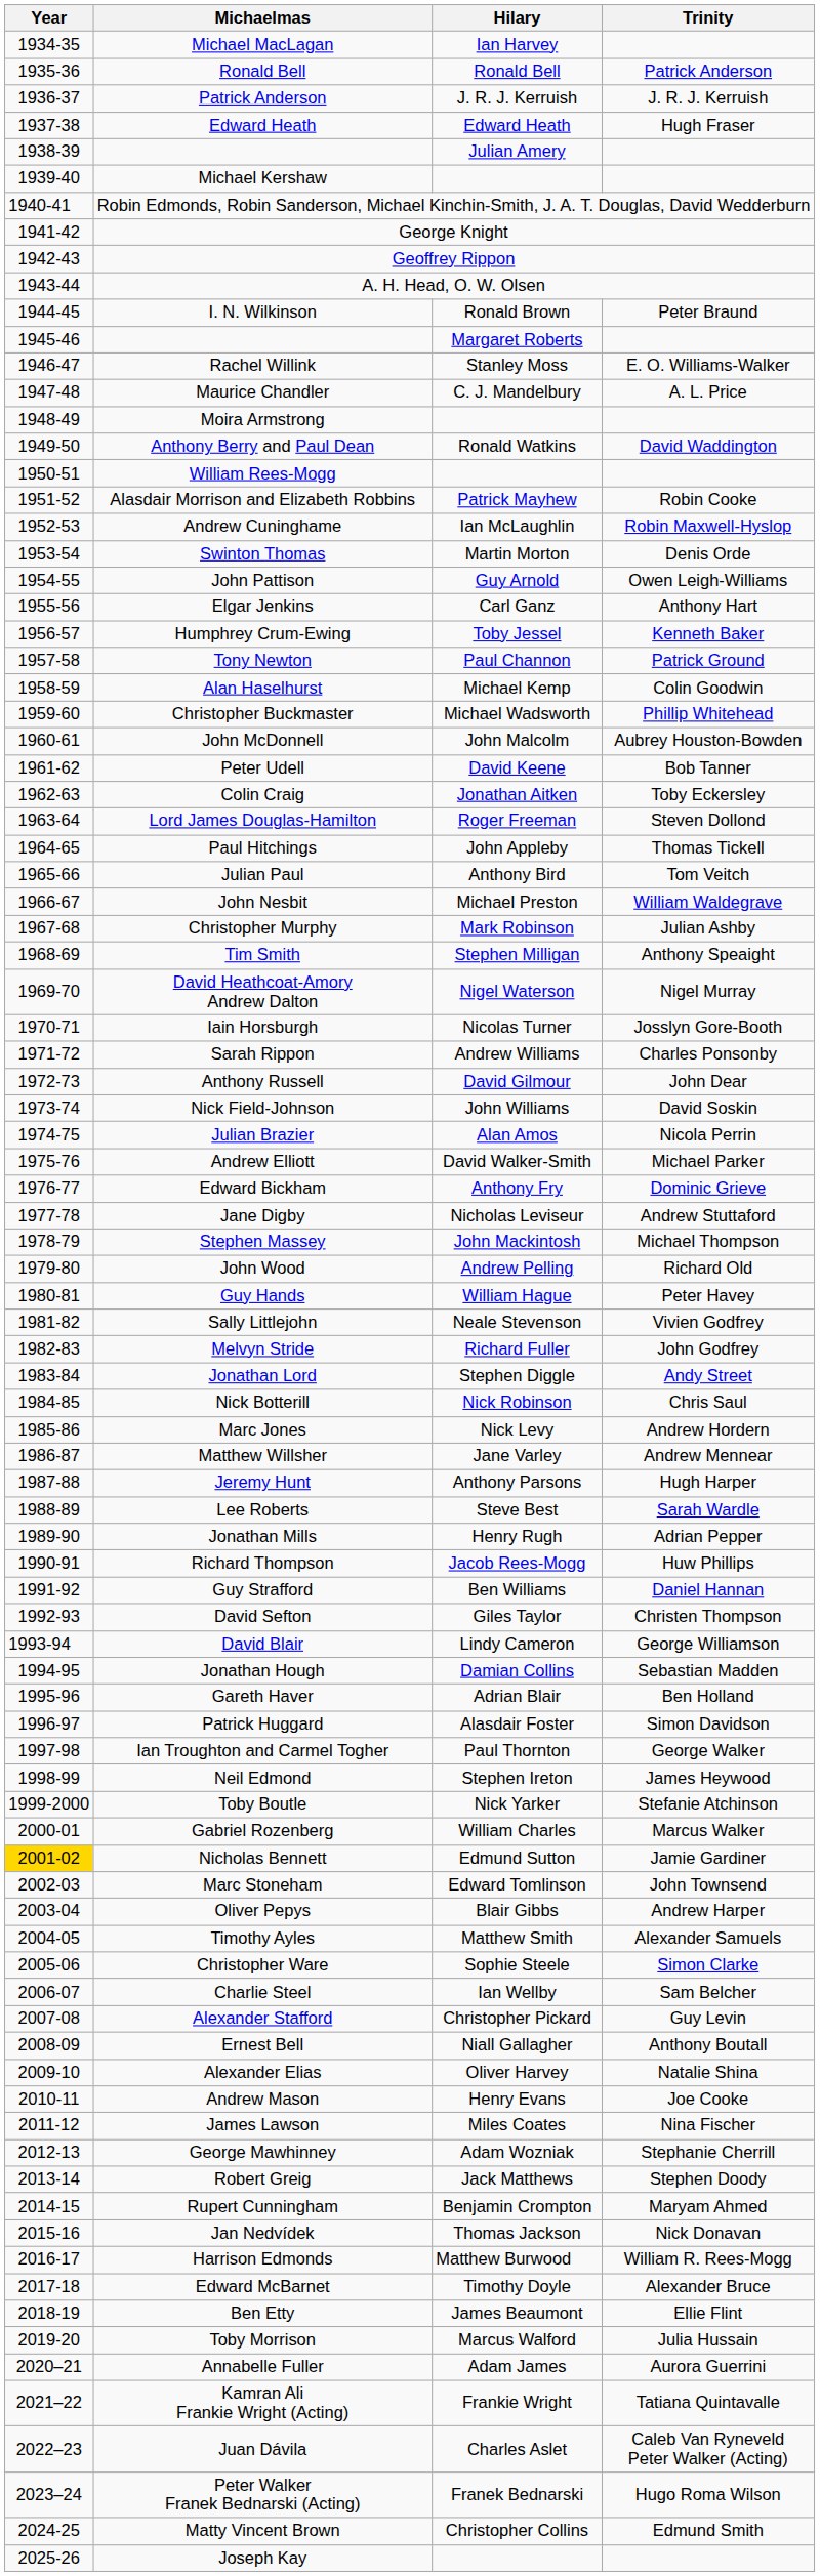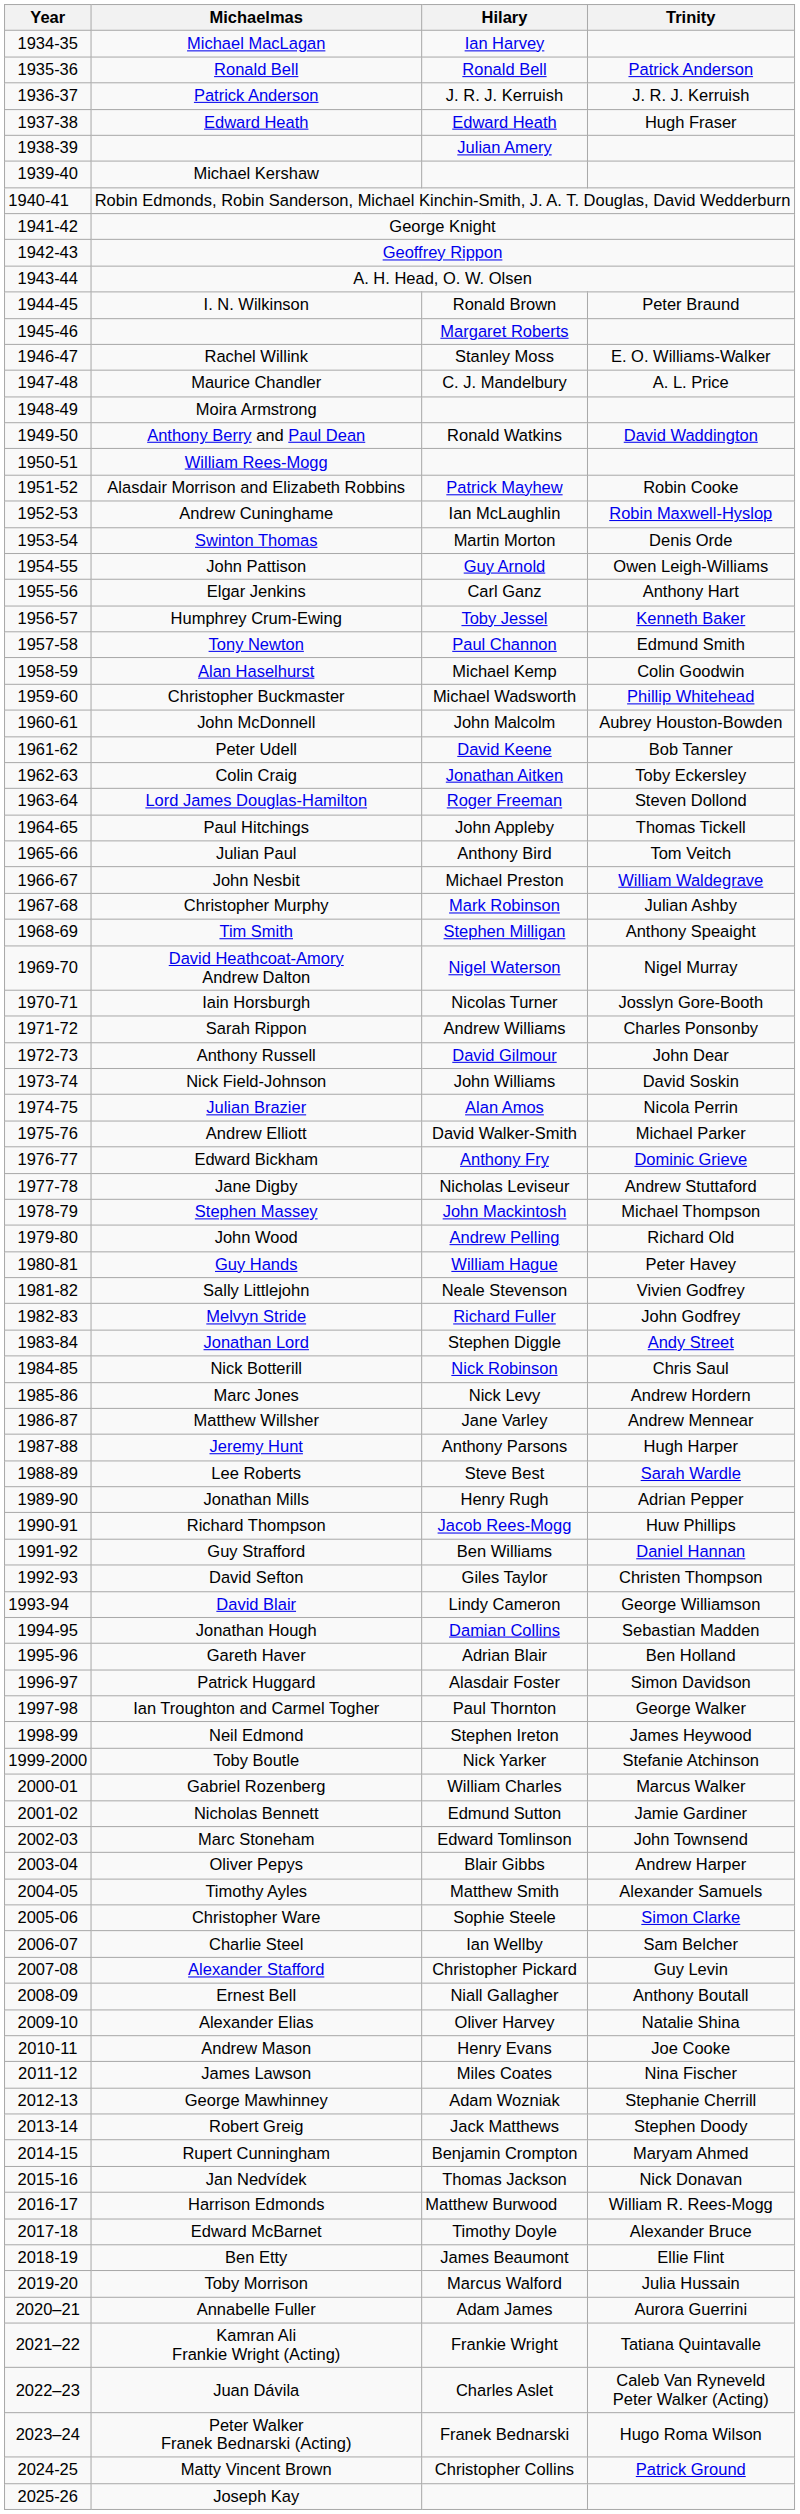 <table class="wikitable sortable">
 <tr>
 <th>Year</th>
 <th>Michaelmas</th>
 <th>Hilary</th>
 <th>Trinity</th>
 </tr>
 <tr>
 <td align="center">1934-35</td>
 <td align="center"> <a href='#'>Michael MacLagan</a></td>
 <td align="center"> <a href='#'>Ian Harvey</a></td>
 <td align="center"></td>
 </tr>
 <tr>
 <td align="center">1935-36</td>
 <td align="center"><a href='#'>Ronald Bell</a></td>
 <td align="center"><a href='#'>Ronald Bell</a></td>
 <td align="center"><a href='#'>Patrick Anderson</a></td>
 </tr>
 <tr>
 <td align="center">1936-37</td>
 <td align="center"><a href='#'>Patrick Anderson</a></td>
 <td align="center">J. R. J. Kerruish</td>
 <td align="center">J. R. J. Kerruish</td>
 </tr>
 <tr>
 <td align="center">1937-38</td>
 <td align="center"><a href='#'>Edward Heath</a></td>
 <td align="center"><a href='#'>Edward Heath</a></td>
 <td align="center">Hugh Fraser</td>
 </tr>
 <tr>
 <td align="center">1938-39</td>
 <td align="center"></td>
 <td align="center"><a href='#'>Julian Amery</a></td>
 <td align="center"></td>
 </tr>
 <tr>
 <td align="center">1939-40</td>
 <td align="center">Michael Kershaw</td>
 <td align="center"></td>
 <td align="center"></td>
 </tr>
 <tr>
 <td align="center:">1940-41</td>
 <td colspan="3" align="center">Robin Edmonds, Robin Sanderson, Michael Kinchin-Smith, J. A. T. Douglas, David Wedderburn</td>
 </tr>
 <tr>
 <td align="center">1941-42</td>
 <td colspan="3" align="center">George Knight</td>
 </tr>
 <tr>
 <td align="center">1942-43</td>
 <td colspan="3" align="center"><a href='#'>Geoffrey Rippon</a></td>
 </tr>
 <tr>
 <td align="center">1943-44</td>
 <td colspan="3" align="center">A. H. Head, O. W. Olsen</td>
 </tr>
 <tr>
 <td align="center">1944-45</td>
 <td align="center">I. N. Wilkinson</td>
 <td align="center">Ronald Brown</td>
 <td align="center">Peter Braund</td>
 </tr>
 <tr>
 <td align="center">1945-46</td>
 <td align="center"></td>
 <td align="center"> <a href='#'>Margaret Roberts</a></td>
 <td align="center"></td>
 </tr>
 <tr>
 <td align="center">1946-47</td>
 <td align="center">Rachel Willink</td>
 <td align="center">Stanley Moss</td>
 <td align="center">E. O. Williams-Walker</td>
 </tr>
 <tr>
 <td align="center">1947-48</td>
 <td align="center">Maurice Chandler</td>
 <td align="center">C. J. Mandelbury</td>
 <td align="center">A. L. Price</td>
 </tr>
 <tr>
 <td align="center">1948-49</td>
 <td align="center">Moira Armstrong</td>
 <td align="center"></td>
 <td align="center"></td>
 </tr>
 <tr>
 <td align="center">1949-50</td>
 <td align="center"><a href='#'>Anthony Berry</a> and <a href='#'>Paul Dean</a></td>
 <td align="center">Ronald Watkins</td>
 <td align="center"> <a href='#'>David Waddington</a></td>
 </tr>
 <tr>
 <td align="center">1950-51</td>
 <td align="center"> <a href='#'>William Rees-Mogg</a></td>
 <td align="center"></td>
 <td align="center"></td>
 </tr>
 <tr>
 <td align="center">1951-52</td>
 <td align="center">Alasdair Morrison and Elizabeth Robbins</td>
 <td align="center"><a href='#'>Patrick Mayhew</a></td>
 <td align="center">Robin Cooke</td>
 </tr>
 <tr>
 <td align="center">1952-53</td>
 <td align="center">Andrew Cuninghame</td>
 <td align="center">Ian McLaughlin</td>
 <td align="center"><a href='#'>Robin Maxwell-Hyslop</a></td>
 </tr>
 <tr>
 <td align="center">1953-54</td>
 <td align="center"><a href='#'>Swinton Thomas</a></td>
 <td align="center">Martin Morton</td>
 <td align="center">Denis Orde</td>
 </tr>
 <tr>
 <td align="center">1954-55</td>
 <td align="center">John Pattison</td>
 <td align="center"><a href='#'>Guy Arnold</a></td>
 <td align="center">Owen Leigh-Williams</td>
 </tr>
 <tr>
 <td align="center">1955-56</td>
 <td align="center">Elgar Jenkins</td>
 <td align="center">Carl Ganz</td>
 <td align="center">Anthony Hart</td>
 </tr>
 <tr>
 <td align="center">1956-57</td>
 <td align="center">Humphrey Crum-Ewing</td>
 <td align="center"><a href='#'>Toby Jessel</a></td>
 <td align="center"><a href='#'>Kenneth Baker</a></td>
 </tr>
 <tr>
 <td align="center">1957-58</td>
 <td align="center"><a href='#'>Tony Newton</a></td>
 <td align="center"><a href='#'>Paul Channon</a></td>
-<td align="center"><a href='#'>Patrick Ground</a></td>
+<td align="center"> Edmund Smith</td>
 </tr>
 <tr>
 <td align="center">1958-59</td>
 <td align="center"><a href='#'>Alan Haselhurst</a></td>
 <td align="center">Michael Kemp</td>
 <td align="center">Colin Goodwin</td>
 </tr>
 <tr>
 <td align="center">1959-60</td>
 <td align="center">Christopher Buckmaster</td>
 <td align="center">Michael Wadsworth</td>
 <td align="center"><a href='#'>Phillip Whitehead</a></td>
 </tr>
 <tr>
 <td align="center">1960-61</td>
 <td align="center">John McDonnell</td>
 <td align="center">John Malcolm</td>
 <td align="center">Aubrey Houston-Bowden</td>
 </tr>
 <tr>
 <td align="center">1961-62</td>
 <td align="center">Peter Udell</td>
 <td align="center"><a href='#'>David Keene</a></td>
 <td align="center">Bob Tanner</td>
 </tr>
 <tr>
 <td align="center">1962-63</td>
 <td align="center">Colin Craig</td>
 <td align="center"><a href='#'>Jonathan Aitken</a></td>
 <td align="center">Toby Eckersley</td>
 </tr>
 <tr>
 <td align="center">1963-64</td>
 <td align="center"><a href='#'>Lord James Douglas-Hamilton</a></td>
 <td align="center"><a href='#'>Roger Freeman</a></td>
 <td align="center">Steven Dollond</td>
 </tr>
 <tr>
 <td align="center">1964-65</td>
 <td align="center">Paul Hitchings</td>
 <td align="center">John Appleby</td>
 <td align="center">Thomas Tickell</td>
 </tr>
 <tr>
 <td align="center">1965-66</td>
 <td align="center">Julian Paul</td>
 <td align="center">Anthony Bird</td>
 <td align="center">Tom Veitch</td>
 </tr>
 <tr>
 <td align="center">1966-67</td>
 <td align="center">John Nesbit</td>
 <td align="center">Michael Preston</td>
 <td align="center"> <a href='#'>William Waldegrave</a></td>
 </tr>
 <tr>
 <td align="center">1967-68</td>
 <td align="center">Christopher Murphy</td>
 <td align="center"> <a href='#'>Mark Robinson</a></td>
 <td align="center">Julian Ashby</td>
 </tr>
 <tr>
 <td align="center">1968-69</td>
 <td align="center"><a href='#'>Tim Smith</a></td>
 <td align="center"> <a href='#'>Stephen Milligan</a></td>
 <td align="center">Anthony Speaight</td>
 </tr>
 <tr>
 <td align="center">1969-70</td>
 <td align="center"> <a href='#'>David Heathcoat-Amory</a> <br> Andrew Dalton</td>
 <td align="center"> <a href='#'>Nigel Waterson</a></td>
 <td align="center">Nigel Murray</td>
 </tr>
 <tr>
 <td align="center">1970-71</td>
 <td align="center">Iain Horsburgh</td>
 <td align="center">Nicolas Turner</td>
 <td align="center">Josslyn Gore-Booth</td>
 </tr>
 <tr>
 <td align="center">1971-72</td>
 <td align="center">Sarah Rippon</td>
 <td align="center">Andrew Williams</td>
 <td align="center">Charles Ponsonby</td>
 </tr>
 <tr>
 <td align="center">1972-73</td>
 <td align="center">Anthony Russell</td>
 <td align="center"> <a href='#'>David Gilmour</a></td>
 <td align="center">John Dear</td>
 </tr>
 <tr>
 <td align="center">1973-74</td>
 <td align="center">Nick Field-Johnson</td>
 <td align="center">John Williams</td>
 <td align="center">David Soskin</td>
 </tr>
 <tr>
 <td align="center">1974-75</td>
 <td align="center"> <a href='#'>Julian Brazier</a></td>
 <td align="center"> <a href='#'>Alan Amos</a></td>
 <td align="center">Nicola Perrin</td>
 </tr>
 <tr>
 <td align="center">1975-76</td>
 <td align="center">Andrew Elliott</td>
 <td align="center">David Walker-Smith</td>
 <td align="center">Michael Parker</td>
 </tr>
 <tr>
 <td align="center">1976-77</td>
 <td align="center">Edward Bickham</td>
 <td align="center"><a href='#'>Anthony Fry</a></td>
 <td align="center"> <a href='#'>Dominic Grieve</a></td>
 </tr>
 <tr>
 <td align="center">1977-78</td>
 <td align="center">Jane Digby</td>
 <td align="center">Nicholas Leviseur</td>
 <td align="center">Andrew Stuttaford</td>
 </tr>
 <tr>
 <td align="center">1978-79</td>
 <td align="center"><a href='#'>Stephen Massey</a></td>
 <td align="center"> <a href='#'>John Mackintosh</a></td>
 <td align="center">Michael Thompson</td>
 </tr>
 <tr>
 <td align="center">1979-80</td>
 <td align="center">John Wood</td>
 <td align="center"> <a href='#'>Andrew Pelling</a></td>
 <td align="center">Richard Old</td>
 </tr>
 <tr>
 <td align="center">1980-81</td>
 <td align="center"> <a href='#'>Guy Hands</a></td>
 <td align="center"> <a href='#'>William Hague</a></td>
 <td align="center">Peter Havey</td>
 </tr>
 <tr>
 <td align="center">1981-82</td>
 <td align="center">Sally Littlejohn</td>
 <td align="center">Neale Stevenson</td>
 <td align="center">Vivien Godfrey</td>
 </tr>
 <tr>
 <td align="center">1982-83</td>
 <td align="center"> <a href='#'>Melvyn Stride</a></td>
 <td align="center"> <a href='#'>Richard Fuller</a></td>
 <td align="center">John Godfrey</td>
 </tr>
 <tr>
 <td align="center">1983-84</td>
 <td align="center"> <a href='#'>Jonathan Lord</a></td>
 <td align="center">Stephen Diggle</td>
 <td align="center"> <a href='#'>Andy Street</a></td>
 </tr>
 <tr>
 <td align="center">1984-85</td>
 <td align="center">Nick Botterill</td>
 <td align="center"> <a href='#'>Nick Robinson</a></td>
 <td align="center">Chris Saul</td>
 </tr>
 <tr>
 <td align="center">1985-86</td>
 <td align="center">Marc Jones</td>
 <td align="center">Nick Levy</td>
 <td align="center">Andrew Hordern</td>
 </tr>
 <tr>
 <td align="center">1986-87</td>
 <td align="center">Matthew Willsher</td>
 <td align="center">Jane Varley</td>
 <td align="center">Andrew Mennear</td>
 </tr>
 <tr>
 <td align="center">1987-88</td>
 <td align="center"> <a href='#'>Jeremy Hunt</a></td>
 <td align="center">Anthony Parsons</td>
 <td align="center">Hugh Harper</td>
 </tr>
 <tr>
 <td align="center">1988-89</td>
 <td align="center">Lee Roberts</td>
 <td align="center">Steve Best</td>
 <td align="center"> <a href='#'>Sarah Wardle</a></td>
 </tr>
 <tr>
 <td align="center">1989-90</td>
 <td align="center">Jonathan Mills</td>
 <td align="center">Henry Rugh</td>
 <td align="center">Adrian Pepper</td>
 </tr>
 <tr>
 <td align="center">1990-91</td>
 <td align="center">Richard Thompson</td>
 <td align="center"> <a href='#'>Jacob Rees-Mogg</a></td>
 <td align="center">Huw Phillips</td>
 </tr>
 <tr>
 <td align="center">1991-92</td>
 <td align="center">Guy Strafford</td>
 <td align="center">Ben Williams</td>
 <td align="center"> <a href='#'>Daniel Hannan</a></td>
 </tr>
 <tr>
 <td align="center">1992-93</td>
 <td align="center">David Sefton</td>
 <td align="center">Giles Taylor</td>
 <td align="center">Christen Thompson</td>
 </tr>
 <tr>
 <td align="center”">1993-94</td>
 <td align="center"> <a href='#'>David Blair</a></td>
 <td align="center">Lindy Cameron</td>
 <td align="center">George Williamson</td>
 </tr>
 <tr>
 <td align="center">1994-95</td>
 <td align="center">Jonathan Hough</td>
 <td align="center"> <a href='#'>Damian Collins</a></td>
 <td align="center">Sebastian Madden</td>
 </tr>
 <tr>
 <td align="center">1995-96</td>
 <td align="center">Gareth Haver</td>
 <td align="center">Adrian Blair</td>
 <td align="center">Ben Holland</td>
 </tr>
 <tr>
 <td align="center">1996-97</td>
 <td align="center">Patrick Huggard</td>
 <td align="center">Alasdair Foster</td>
 <td align="center">Simon Davidson</td>
 </tr>
 <tr>
 <td align="center">1997-98</td>
 <td align="center">Ian Troughton and Carmel Togher</td>
 <td align="center">Paul Thornton</td>
 <td align="center">George Walker</td>
 </tr>
 <tr>
 <td align="center">1998-99</td>
 <td align="center">Neil Edmond</td>
 <td align="center">Stephen Ireton</td>
 <td align="center"> James Heywood</td>
 </tr>
 <tr>
 <td align="center">1999-2000</td>
 <td align="center">Toby Boutle</td>
 <td align="center">Nick Yarker</td>
 <td align="center">Stefanie Atchinson</td>
 </tr>
 <tr>
 <td align="center">2000-01</td>
 <td align="center">Gabriel Rozenberg</td>
 <td align="center">William Charles</td>
 <td align="center">Marcus Walker</td>
 </tr>
 <tr>
-<td align="center" style="background: gold;">2001-02</td>
+<td align="center">2001-02</td>
 <td align="center">Nicholas Bennett</td>
 <td align="center">Edmund Sutton</td>
 <td align="center">Jamie Gardiner</td>
 </tr>
 <tr>
 <td align="center">2002-03</td>
 <td align="center">Marc Stoneham</td>
 <td align="center">Edward Tomlinson</td>
 <td align="center">John Townsend</td>
 </tr>
 <tr>
 <td align="center">2003-04</td>
 <td align="center">Oliver Pepys</td>
 <td align="center">Blair Gibbs</td>
 <td align="center">Andrew Harper</td>
 </tr>
 <tr>
 <td align="center">2004-05</td>
 <td align="center">Timothy Ayles</td>
 <td align="center">Matthew Smith</td>
 <td align="center">Alexander Samuels</td>
 </tr>
 <tr>
 <td align="center">2005-06</td>
 <td align="center">Christopher Ware</td>
 <td align="center">Sophie Steele</td>
 <td align="center"> <a href='#'>Simon Clarke</a></td>
 </tr>
 <tr>
 <td align="center">2006-07</td>
 <td align="center">Charlie Steel</td>
 <td align="center">Ian Wellby</td>
 <td align="center">Sam Belcher</td>
 </tr>
 <tr>
 <td align="center">2007-08</td>
 <td align="center"> <a href='#'>Alexander Stafford</a></td>
 <td align="center">Christopher Pickard</td>
 <td align="center">Guy Levin</td>
 </tr>
 <tr>
 <td align="center">2008-09</td>
 <td align="center">Ernest Bell</td>
 <td align="center">Niall Gallagher</td>
 <td align="center">Anthony Boutall</td>
 </tr>
 <tr>
 <td align="center">2009-10</td>
 <td align="center">Alexander Elias</td>
 <td align="center">Oliver Harvey</td>
 <td align="center">Natalie Shina</td>
 </tr>
 <tr>
 <td align="center">2010-11</td>
 <td align="center">Andrew Mason</td>
 <td align="center">Henry Evans</td>
 <td align="center">Joe Cooke</td>
 </tr>
 <tr>
 <td align="center">2011-12</td>
 <td align="center">James Lawson</td>
 <td align="center">Miles Coates</td>
 <td align="center">Nina Fischer</td>
 </tr>
 <tr>
 <td align="center">2012-13</td>
 <td align="center">George Mawhinney</td>
 <td align="center">Adam Wozniak</td>
 <td align="center">Stephanie Cherrill</td>
 </tr>
 <tr>
 <td align="center">2013-14</td>
 <td align="center"> Robert Greig</td>
 <td align="center">Jack Matthews</td>
 <td align="center">Stephen Doody</td>
 </tr>
 <tr>
 <td align="center">2014-15</td>
 <td align="center"> Rupert Cunningham</td>
 <td align="center"> Benjamin Crompton</td>
 <td align="center"> Maryam Ahmed</td>
 </tr>
 <tr>
 <td align="center">2015-16</td>
 <td align="center"> Jan Nedvídek</td>
 <td align="center"> Thomas Jackson</td>
 <td align="center">Nick Donavan</td>
 </tr>
 <tr>
 <td align="center">2016-17</td>
 <td align="center"> Harrison Edmonds</td>
 <td align="center”"> Matthew Burwood</td>
 <td align="center"> William R. Rees-Mogg</td>
 </tr>
 <tr>
 <td align="center">2017-18</td>
 <td align="center"> Edward McBarnet</td>
 <td align="center"> Timothy Doyle</td>
 <td align="center"> Alexander Bruce</td>
 </tr>
 <tr>
 <td align="center">2018-19</td>
 <td align="center"> Ben Etty</td>
 <td align="center"> James Beaumont</td>
 <td align="center"> Ellie Flint</td>
 </tr>
 <tr>
 <td align="center">2019-20</td>
 <td align="center"> Toby Morrison</td>
 <td align="center"> Marcus Walford</td>
 <td align="center"> Julia Hussain</td>
 </tr>
 <tr>
 <td align="center">2020–21</td>
 <td align="center"> Annabelle Fuller</td>
 <td align="center"> Adam James</td>
 <td align="center"> Aurora Guerrini</td>
 </tr>
 <tr>
 <td align="center">2021–22</td>
 <td align="center"> Kamran Ali<br> Frankie Wright (Acting)</td>
 <td align="center"> Frankie Wright</td>
 <td align="center"> Tatiana Quintavalle</td>
 </tr>
 <tr>
 <td align="center">2022–23</td>
 <td align="center"> Juan Dávila</td>
 <td align="center"> Charles Aslet</td>
 <td align="center"> Caleb Van Ryneveld<br> Peter Walker (Acting)</td>
 </tr>
 <tr>
 <td align="center">2023–24</td>
 <td align="center"> Peter Walker<br> Franek Bednarski (Acting)</td>
 <td align="center"> Franek Bednarski</td>
 <td align="center"> Hugo Roma Wilson</td>
 </tr>
 <tr>
 <td align="center">2024-25</td>
 <td align="center"> Matty Vincent Brown</td>
 <td align="center"> Christopher Collins</td>
-<td align="center"> Edmund Smith</td>
+<td align="center"><a href='#'>Patrick Ground</a></td>
 </tr>
 <tr>
 <td align="center">2025-26</td>
 <td align="center"> Joseph Kay</td>
 <td align="center"></td>
 <td align="center"></td>
 </tr>
 </table>
